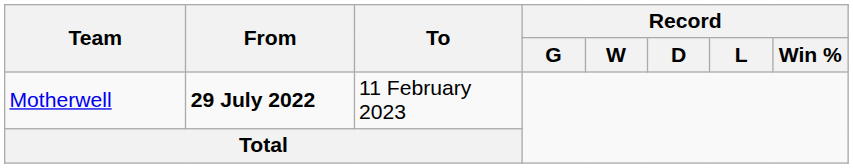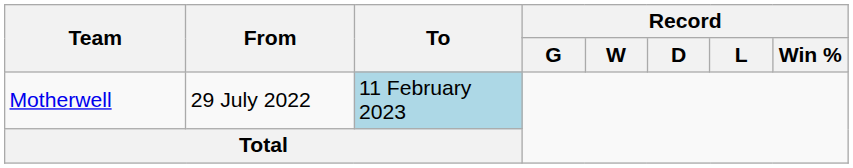 <table class="wikitable" style="text-align: center">
 <tr>
 <th rowspan="2!" style="width:130px;">Team</th>
 <th rowspan="2!" style="width:120px;">From</th>
 <th rowspan="2!" style="width:120px;">To</th>
 <th colspan=5>Record</th>
 </tr>
 <tr>
 <th width=40>G</th>
 <th width=40>W</th>
 <th width=40>D</th>
 <th width=40>L</th>
 <th width=50>Win %</th>
 </tr>
 <tr>
 <td align=left><a href='#'>Motherwell</a></td>
-<td align=left><strong>29 July 2022</strong></td>
-<td align=left>11 February 2023<br></td>
+<td align=left>29 July 2022</td>
+<td align=left style="background: lightblue;">11 February 2023<br></td>
 </tr>
 <tr>
 <th colspan=3>Total<br></th>
 </tr>
 </table>
